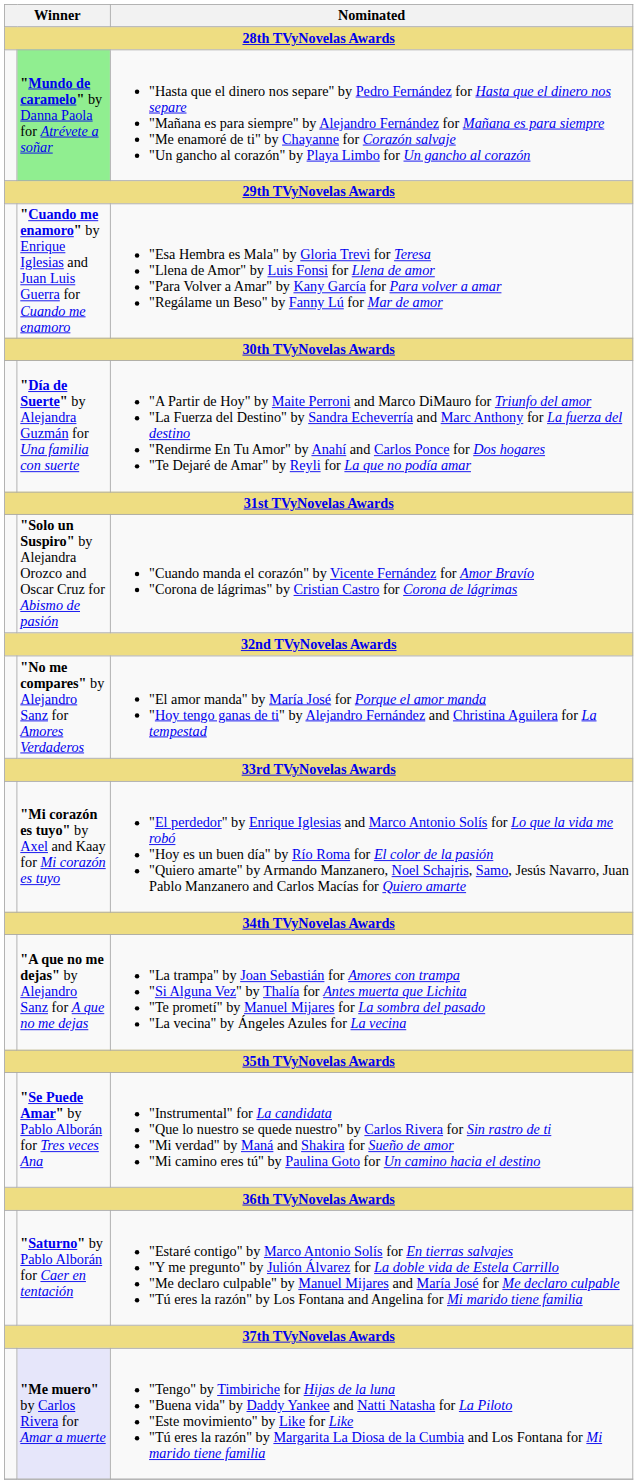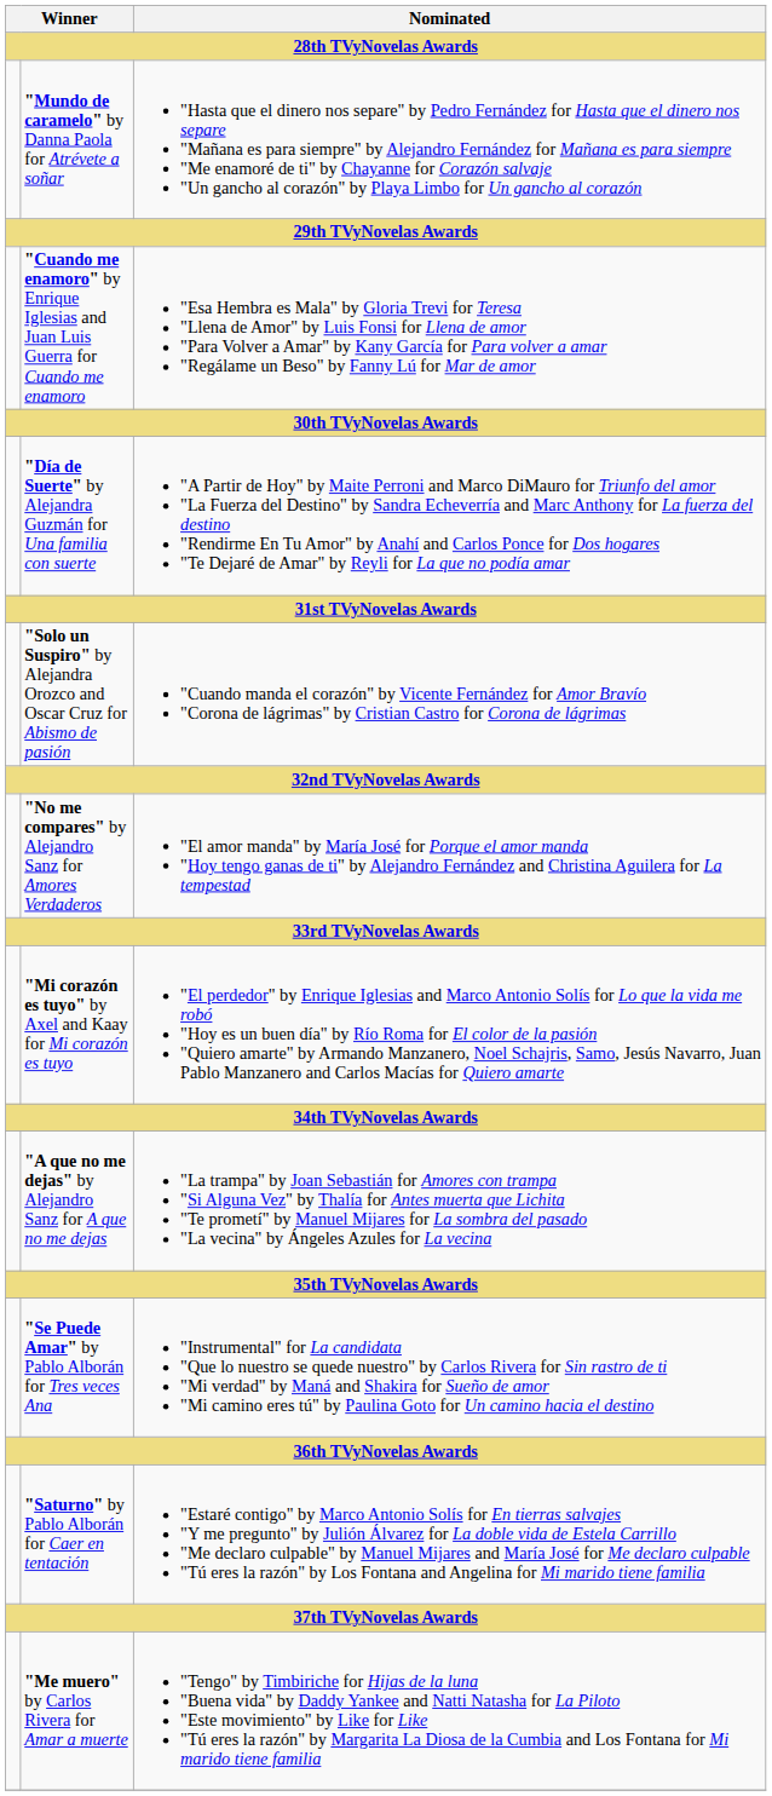 <table class="wikitable" width=80%>
 <tr align=center>
 <th width="150px;" colspan=2; align="center">Winner</th>
 <th width="580px;" align="center">Nominated</th>
 </tr>
 <tr>
 <th colspan=9 style="background:#EEDD82;"  align="center"><strong><a href='#'>28th TVyNovelas Awards</a></strong></th>
 </tr>
 <tr>
 <td width=2%></td>
-<td style="background: lightgreen;"><strong>"<a href='#'>Mundo de caramelo</a>"</strong> by <a href='#'>Danna Paola</a> for <em><a href='#'>Atrévete a soñar</a></em></td>
+<td><strong>"<a href='#'>Mundo de caramelo</a>"</strong> by <a href='#'>Danna Paola</a> for <em><a href='#'>Atrévete a soñar</a></em></td>
 <td><br><ul><li>"Hasta que el dinero nos separe" by <a href='#'>Pedro Fernández</a> for <em><a href='#'>Hasta que el dinero nos separe</a></em></li><li>"Mañana es para siempre" by <a href='#'>Alejandro Fernández</a> for <em><a href='#'>Mañana es para siempre</a></em></li><li>"Me enamoré de ti" by <a href='#'>Chayanne</a> for <em><a href='#'>Corazón salvaje</a></em></li><li>"Un gancho al corazón" by <a href='#'>Playa Limbo</a> for <em><a href='#'>Un gancho al corazón</a></em></li></ul></td>
 </tr>
 <tr>
 <th colspan=9 style="background:#EEDD82;"  align="center"><strong><a href='#'>29th TVyNovelas Awards</a></strong></th>
 </tr>
 <tr>
 <td width=2%></td>
 <td><strong>"<a href='#'>Cuando me enamoro</a>"</strong> by <a href='#'>Enrique Iglesias</a> and <a href='#'>Juan Luis Guerra</a> for <em><a href='#'>Cuando me enamoro</a></em></td>
 <td><br><ul><li>"Esa Hembra es Mala" by <a href='#'>Gloria Trevi</a> for <em><a href='#'>Teresa</a></em></li><li>"Llena de Amor" by <a href='#'>Luis Fonsi</a> for <em><a href='#'>Llena de amor</a></em></li><li>"Para Volver a Amar" by <a href='#'>Kany García</a> for <em><a href='#'>Para volver a amar</a></em></li><li>"Regálame un Beso" by <a href='#'>Fanny Lú</a> for <em><a href='#'>Mar de amor</a></em></li></ul></td>
 </tr>
 <tr>
 <th colspan=9 style="background:#EEDD82;"  align="center"><strong><a href='#'>30th TVyNovelas Awards</a></strong></th>
 </tr>
 <tr>
 <td width=2%></td>
 <td><strong>"<a href='#'>Día de Suerte</a>"</strong> by <a href='#'>Alejandra Guzmán</a> for <em><a href='#'>Una familia con suerte</a></em></td>
 <td><br><ul><li>"A Partir de Hoy" by <a href='#'>Maite Perroni</a> and Marco DiMauro for <em><a href='#'>Triunfo del amor</a></em></li><li>"La Fuerza del Destino" by <a href='#'>Sandra Echeverría</a> and <a href='#'>Marc Anthony</a> for <em><a href='#'>La fuerza del destino</a></em></li><li>"Rendirme En Tu Amor" by <a href='#'>Anahí</a> and <a href='#'>Carlos Ponce</a> for <em><a href='#'>Dos hogares</a></em></li><li>"Te Dejaré de Amar" by <a href='#'>Reyli</a> for <em><a href='#'>La que no podía amar</a></em></li></ul></td>
 </tr>
 <tr>
 <th colspan=9 style="background:#EEDD82;"  align="center"><strong><a href='#'>31st TVyNovelas Awards</a></strong></th>
 </tr>
 <tr>
 <td width=2%></td>
 <td><strong>"Solo un Suspiro"</strong> by Alejandra Orozco and Oscar Cruz for <em><a href='#'>Abismo de pasión</a></em></td>
 <td><br><ul><li>"Cuando manda el corazón" by <a href='#'>Vicente Fernández</a> for <em><a href='#'>Amor Bravío</a></em></li><li>"Corona de lágrimas" by <a href='#'>Cristian Castro</a> for <em><a href='#'>Corona de lágrimas</a></em></li></ul></td>
 </tr>
 <tr>
 <th colspan=9 style="background:#EEDD82;"  align="center"><strong><a href='#'>32nd TVyNovelas Awards</a></strong></th>
 </tr>
 <tr>
 <td width=2%></td>
 <td><strong>"No me compares"</strong> by <a href='#'>Alejandro Sanz</a> for <em><a href='#'>Amores Verdaderos</a></em></td>
 <td><br><ul><li>"El amor manda" by <a href='#'>María José</a> for <em><a href='#'>Porque el amor manda</a></em></li><li>"<a href='#'>Hoy tengo ganas de ti</a>" by <a href='#'>Alejandro Fernández</a> and <a href='#'>Christina Aguilera</a> for <em><a href='#'>La tempestad</a></em></li></ul></td>
 </tr>
 <tr>
 <th colspan=9 style="background:#EEDD82;"  align="center"><strong><a href='#'>33rd TVyNovelas Awards</a></strong></th>
 </tr>
 <tr>
 <td width=2%></td>
 <td><strong>"Mi corazón es tuyo"</strong> by <a href='#'>Axel</a> and Kaay for <em><a href='#'>Mi corazón es tuyo</a></em></td>
 <td><br><ul><li>"<a href='#'>El perdedor</a>" by <a href='#'>Enrique Iglesias</a> and <a href='#'>Marco Antonio Solís</a> for <em><a href='#'>Lo que la vida me robó</a></em></li><li>"Hoy es un buen día" by <a href='#'>Río Roma</a> for <em><a href='#'>El color de la pasión</a></em></li><li>"Quiero amarte" by Armando Manzanero, <a href='#'>Noel Schajris</a>, <a href='#'>Samo</a>, Jesús Navarro, Juan Pablo Manzanero and Carlos Macías for <em><a href='#'>Quiero amarte</a></em></li></ul></td>
 </tr>
 <tr>
 <th colspan=9 style="background:#EEDD82;"  align="center"><strong><a href='#'>34th TVyNovelas Awards</a></strong></th>
 </tr>
 <tr>
 <td width=2%></td>
 <td><strong>"A que no me dejas"</strong> by <a href='#'>Alejandro Sanz</a> for <em><a href='#'>A que no me dejas</a></em></td>
 <td><br><ul><li>"La trampa" by <a href='#'>Joan Sebastián</a> for <em><a href='#'>Amores con trampa</a></em></li><li>"<a href='#'>Si Alguna Vez</a>" by <a href='#'>Thalía</a> for <em><a href='#'>Antes muerta que Lichita</a></em></li><li>"Te prometí" by <a href='#'>Manuel Mijares</a> for <em><a href='#'>La sombra del pasado</a></em></li><li>"La vecina" by Ángeles Azules for <em><a href='#'>La vecina</a></em></li></ul></td>
 </tr>
 <tr>
 <th colspan=9 style="background:#EEDD82;"  align="center"><strong><a href='#'>35th TVyNovelas Awards</a></strong></th>
 </tr>
 <tr>
 <td width=2%></td>
 <td><strong>"<a href='#'>Se Puede Amar</a>"</strong> by <a href='#'>Pablo Alborán</a> for <em><a href='#'>Tres veces Ana</a></em></td>
 <td><br><ul><li>"Instrumental" for <em><a href='#'>La candidata</a></em></li><li>"Que lo nuestro se quede nuestro" by <a href='#'>Carlos Rivera</a> for <em><a href='#'>Sin rastro de ti</a></em></li><li>"Mi verdad" by <a href='#'>Maná</a> and <a href='#'>Shakira</a> for <em><a href='#'>Sueño de amor</a></em></li><li>"Mi camino eres tú" by <a href='#'>Paulina Goto</a> for <em><a href='#'>Un camino hacia el destino</a></em></li></ul></td>
 </tr>
 <tr>
 <th colspan=9 style="background:#EEDD82;"  align="center"><strong><a href='#'>36th TVyNovelas Awards</a></strong></th>
 </tr>
 <tr>
 <td width=2%></td>
 <td><strong>"<a href='#'>Saturno</a>"</strong> by <a href='#'>Pablo Alborán</a> for <em><a href='#'>Caer en tentación</a></em></td>
 <td><br><ul><li>"Estaré contigo" by <a href='#'>Marco Antonio Solís</a> for <em><a href='#'>En tierras salvajes</a></em></li><li>"Y me pregunto" by <a href='#'>Julión Álvarez</a> for <em><a href='#'>La doble vida de Estela Carrillo</a></em></li><li>"Me declaro culpable" by <a href='#'>Manuel Mijares</a> and <a href='#'>María José</a> for <em><a href='#'>Me declaro culpable</a></em></li><li>"Tú eres la razón" by Los Fontana and Angelina for <em><a href='#'>Mi marido tiene familia</a></em></li></ul></td>
 </tr>
 <tr>
 <th colspan=9 style="background:#EEDD82;"  align="center"><strong><a href='#'>37th TVyNovelas Awards</a></strong></th>
 </tr>
 <tr>
 <td width=2%></td>
-<td style="background: lavender;"><strong>"Me muero"</strong> by <a href='#'>Carlos Rivera</a> for <em><a href='#'>Amar a muerte</a></em></td>
+<td><strong>"Me muero"</strong> by <a href='#'>Carlos Rivera</a> for <em><a href='#'>Amar a muerte</a></em></td>
 <td><br><ul><li>"Tengo" by <a href='#'>Timbiriche</a> for <em><a href='#'>Hijas de la luna</a></em></li><li>"Buena vida" by <a href='#'>Daddy Yankee</a> and <a href='#'>Natti Natasha</a> for <em><a href='#'>La Piloto</a></em></li><li>"Este movimiento" by <a href='#'>Like</a> for <em><a href='#'>Like</a></em></li><li>"Tú eres la razón" by <a href='#'>Margarita La Diosa de la Cumbia</a> and Los Fontana for <em><a href='#'>Mi marido tiene familia</a></em></li></ul></td>
 </tr>
 <tr>
 </tr>
 </table>
